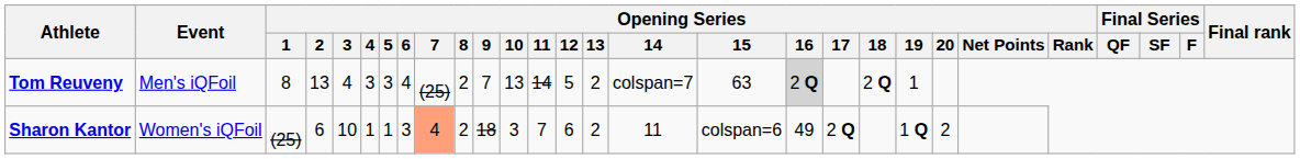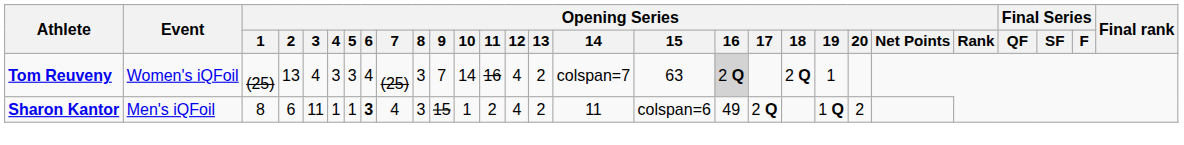 <table class="wikitable" style="font-size:90%">
 <tr>
 <th rowspan="2">Athlete</th>
 <th rowspan="2">Event</th>
 <th colspan=22>Opening Series</th>
 <th colspan=3>Final Series</th>
 <th rowspan=2>Final rank</th>
 </tr>
 <tr style="font-size:95%">
 <th>1</th>
 <th>2</th>
 <th>3</th>
 <th>4</th>
 <th>5</th>
 <th>6</th>
 <th>7</th>
 <th>8</th>
 <th>9</th>
 <th>10</th>
 <th>11</th>
 <th>12</th>
 <th>13</th>
 <th>14</th>
 <th>15</th>
 <th>16</th>
 <th>17</th>
 <th>18</th>
 <th>19</th>
 <th>20</th>
 <th>Net Points</th>
 <th>Rank</th>
 <th>QF</th>
 <th>SF</th>
 <th>F</th>
 </tr>
 <tr align=center>
 <td align=left><strong><a href='#'>Tom Reuveny</a></strong></td>
-<td align=left><a href='#'>Men's iQFoil</a></td>
-<td>8</td>
+<td align=left><a href='#'>Women's iQFoil</a></td>
+<td><br><s>(25)</s></td>
 <td>13</td>
 <td>4</td>
 <td>3</td>
 <td>3</td>
 <td>4</td>
 <td><br><s>(25)</s></td>
-<td>2</td>
+<td>3</td>
 <td>7</td>
-<td>13</td>
-<td><s>14</s></td>
-<td>5</td>
+<td>14</td>
+<td><s>16</s></td>
+<td>4</td>
 <td>2</td>
 <td>colspan=7 </td>
 <td>63</td>
 <td style="background: lightgrey;">2 <strong>Q</strong></td>
 <td></td>
 <td>2 <strong>Q</strong></td>
 <td>1</td>
 <td></td>
 </tr>
 <tr align=center>
 <td align=left><strong><a href='#'>Sharon Kantor</a></strong></td>
-<td align=left><a href='#'>Women's iQFoil</a></td>
-<td><br><s>(25)</s></td>
+<td align=left><a href='#'>Men's iQFoil</a></td>
+<td>8</td>
 <td>6</td>
-<td>10</td>
+<td>11</td>
 <td>1</td>
 <td>1</td>
+<td><strong>3</strong></td>
+<td>4</td>
 <td>3</td>
-<td style="background: lightsalmon;">4</td>
+<td><s>15</s></td>
+<td>1</td>
 <td>2</td>
-<td><s>18</s></td>
-<td>3</td>
-<td>7</td>
-<td>6</td>
+<td>4</td>
 <td>2</td>
 <td>11</td>
 <td>colspan=6 </td>
 <td>49</td>
 <td>2 <strong>Q</strong></td>
 <td></td>
 <td>1 <strong>Q</strong></td>
 <td>2</td>
 <td></td>
 </tr>
 </table>
